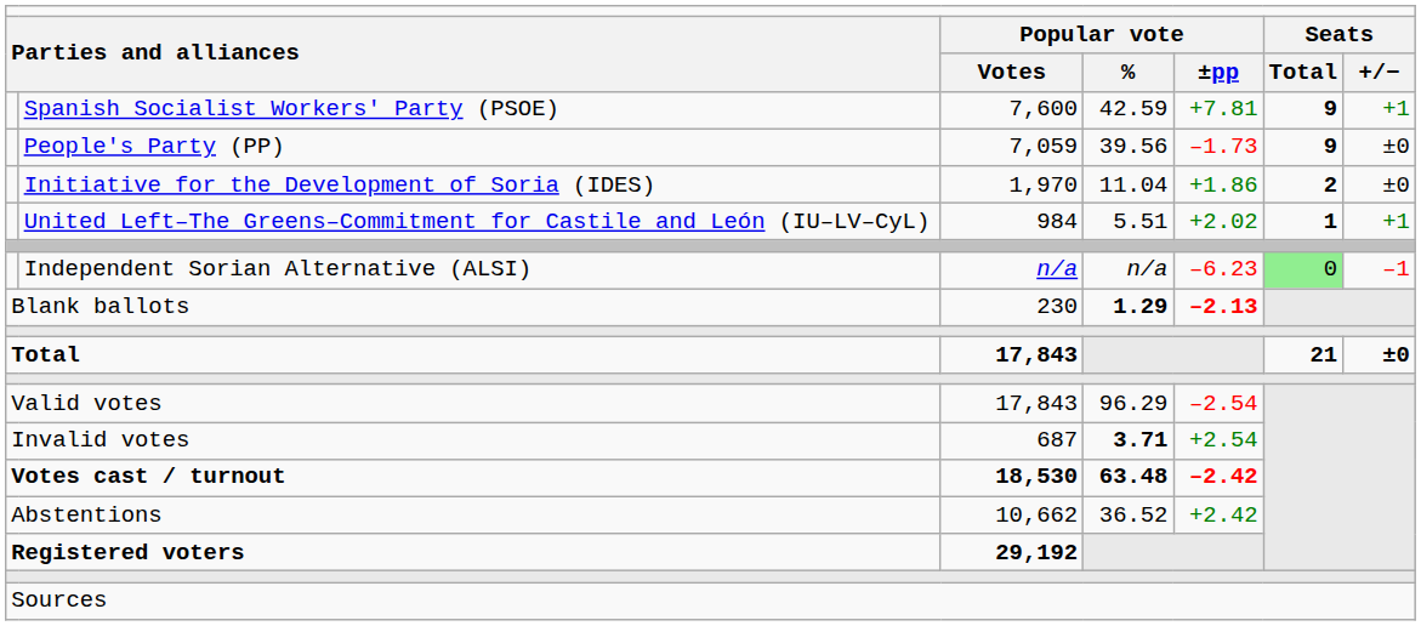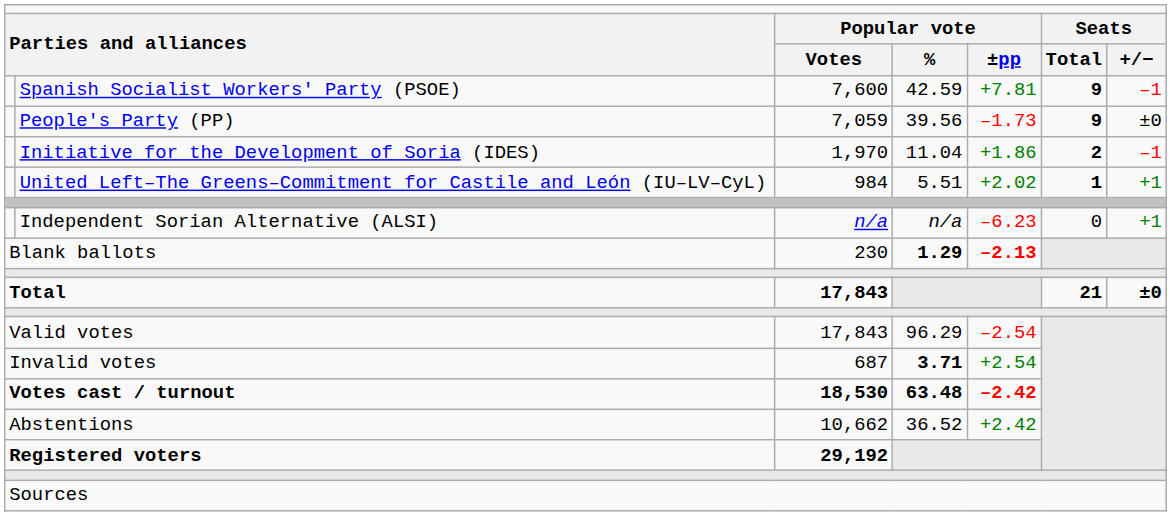 <table class="wikitable" style="text-align:right;">
 <tr>
 <td colspan="7"></td>
 </tr>
 <tr>
 <th style="text-align:left;" rowspan="2" colspan="2" width="525">Parties and alliances</th>
 <th colspan="3">Popular vote</th>
 <th colspan="2">Seats</th>
 </tr>
 <tr>
 <th width="75">Votes</th>
 <th width="45">%</th>
 <th width="45">±<a href='#'>pp</a></th>
 <th width="35">Total</th>
 <th width="35">+/−</th>
 </tr>
 <tr>
 <td width="1" style="color:inherit;background:"></td>
 <td align="left"><a href='#'>Spanish Socialist Workers' Party</a> (PSOE)</td>
 <td>7,600</td>
 <td>42.59</td>
 <td style="color:green;">+7.81</td>
 <td><strong>9</strong></td>
-<td style="color:green;">+1</td>
+<td style="color:red;">–1</td>
 </tr>
 <tr>
 <td style="color:inherit;background:"></td>
 <td align="left"><a href='#'>People's Party</a> (PP)</td>
 <td>7,059</td>
 <td>39.56</td>
 <td style="color:red;">–1.73</td>
 <td><strong>9</strong></td>
 <td>±0</td>
 </tr>
 <tr>
 <td style="color:inherit;background:"></td>
 <td align="left"><a href='#'>Initiative for the Development of Soria</a> (IDES)</td>
 <td>1,970</td>
 <td>11.04</td>
 <td style="color:green;">+1.86</td>
 <td><strong>2</strong></td>
-<td>±0</td>
+<td style="color:red;">–1</td>
 </tr>
 <tr>
 <td style="color:inherit;background:"></td>
 <td align="left"><a href='#'>United Left–The Greens–Commitment for Castile and León</a> (IU–LV–CyL)</td>
 <td>984</td>
 <td>5.51</td>
 <td style="color:green;">+2.02</td>
 <td><strong>1</strong></td>
 <td style="color:green;">+1</td>
 </tr>
 <tr>
 <td colspan="7" bgcolor="#C0C0C0"></td>
 </tr>
 <tr>
 <td style="color:inherit;background:"></td>
 <td align="left">Independent Sorian Alternative (ALSI)</td>
 <td><em><a href='#'>n/a</a></em></td>
 <td><em>n/a</em></td>
 <td style="color:red;">–6.23</td>
-<td style="background: lightgreen;">0</td>
-<td style="color:red;">–1</td>
+<td>0</td>
+<td style="color:green;">+1</td>
 </tr>
 <tr>
 <td align="left" colspan="2">Blank ballots</td>
 <td>230</td>
 <td><strong>1.29</strong></td>
 <td style="color:red;"><strong>–2.13</strong></td>
 <td bgcolor="#E9E9E9" colspan="2"></td>
 </tr>
 <tr>
 <td colspan="7" bgcolor="#E9E9E9"></td>
 </tr>
 <tr style="font-weight:bold;">
 <td align="left" colspan="2">Total</td>
 <td>17,843</td>
 <td bgcolor="#E9E9E9" colspan="2"></td>
 <td>21</td>
 <td>±0</td>
 </tr>
 <tr>
 <td colspan="7" bgcolor="#E9E9E9"></td>
 </tr>
 <tr>
 <td align="left" colspan="2">Valid votes</td>
 <td>17,843</td>
 <td>96.29</td>
 <td style="color:red;">–2.54</td>
 <td bgcolor="#E9E9E9" colspan="2" rowspan="5"></td>
 </tr>
 <tr>
 <td align="left" colspan="2">Invalid votes</td>
 <td>687</td>
 <td><strong>3.71</strong></td>
 <td style="color:green;">+2.54</td>
 </tr>
 <tr style="font-weight:bold;">
 <td align="left" colspan="2">Votes cast / turnout</td>
 <td>18,530</td>
 <td>63.48</td>
 <td style="color:red;">–2.42</td>
 </tr>
 <tr>
 <td align="left" colspan="2">Abstentions</td>
 <td>10,662</td>
 <td>36.52</td>
 <td style="color:green;">+2.42</td>
 </tr>
 <tr style="font-weight:bold;">
 <td align="left" colspan="2">Registered voters</td>
 <td>29,192</td>
 <td bgcolor="#E9E9E9" colspan="2"></td>
 </tr>
 <tr>
 <td colspan="7" bgcolor="#E9E9E9"></td>
 </tr>
 <tr>
 <td align="left" colspan="7">Sources</td>
 </tr>
 </table>
